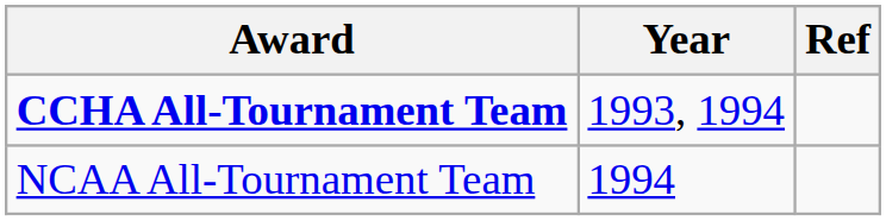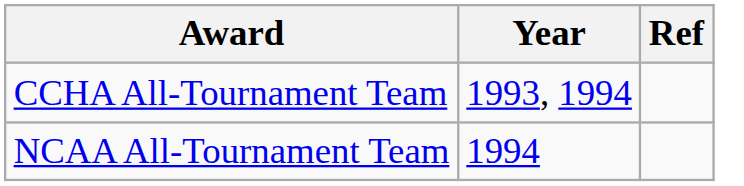 <table class="wikitable">
 <tr>
 <th>Award</th>
 <th>Year</th>
 <th>Ref</th>
 </tr>
 <tr>
-<td><strong><a href='#'>CCHA All-Tournament Team</a></strong></td>
+<td><a href='#'>CCHA All-Tournament Team</a></td>
 <td><a href='#'>1993</a>, <a href='#'>1994</a></td>
 <td></td>
 </tr>
 <tr>
 <td><a href='#'>NCAA All-Tournament Team</a></td>
 <td><a href='#'>1994</a></td>
 <td></td>
 </tr>
 </table>
